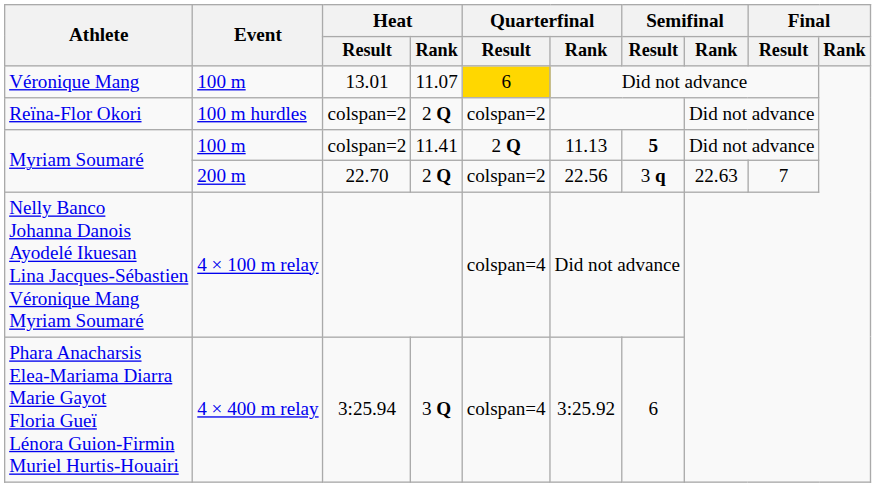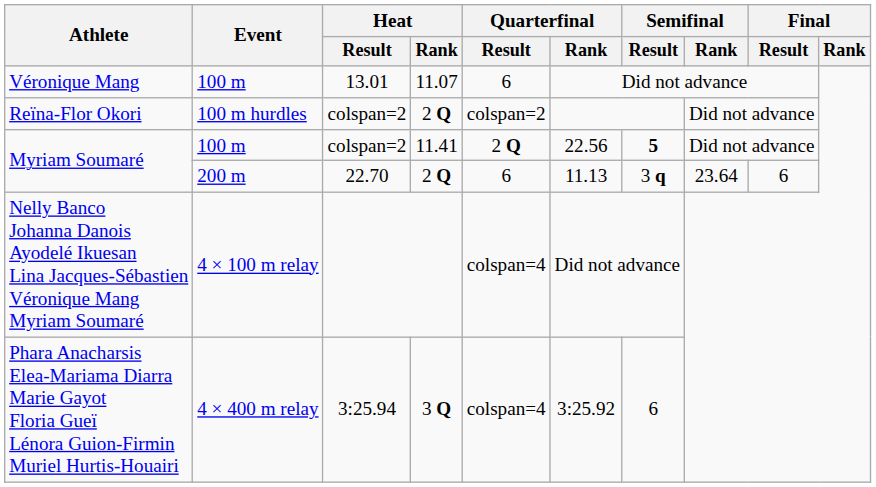 <table class="wikitable" style="font-size:90%">
 <tr>
 <th rowspan="2">Athlete</th>
 <th rowspan="2">Event</th>
 <th colspan="2">Heat</th>
 <th colspan="2">Quarterfinal</th>
 <th colspan="2">Semifinal</th>
 <th colspan="2">Final</th>
 </tr>
 <tr style="font-size:95%">
 <th>Result</th>
 <th>Rank</th>
 <th>Result</th>
 <th>Rank</th>
 <th>Result</th>
 <th>Rank</th>
 <th>Result</th>
 <th>Rank</th>
 </tr>
 <tr align=center>
 <td align=left><a href='#'>Véronique Mang</a></td>
 <td align=left><a href='#'>100 m</a></td>
 <td>13.01</td>
 <td>11.07</td>
-<td style="background: gold;">6</td>
+<td>6</td>
 <td colspan=4>Did not advance</td>
 </tr>
 <tr align=center>
 <td align=left><a href='#'>Reïna-Flor Okori</a></td>
 <td align=left><a href='#'>100 m hurdles</a></td>
 <td>colspan=2 </td>
 <td>2 <strong>Q</strong></td>
 <td>colspan=2 </td>
 <td colspan=2></td>
 <td colspan=2>Did not advance</td>
 </tr>
 <tr align=center>
 <td align=left rowspan=2><a href='#'>Myriam Soumaré</a></td>
 <td align=left><a href='#'>100 m</a></td>
 <td>colspan=2 </td>
 <td>11.41</td>
 <td>2 <strong>Q</strong></td>
-<td>11.13</td>
+<td>22.56</td>
 <td><strong>5</strong></td>
 <td colspan=2>Did not advance</td>
 </tr>
 <tr align=center>
 <td align=left><a href='#'>200 m</a></td>
 <td>22.70</td>
 <td>2 <strong>Q</strong></td>
-<td>colspan=2 </td>
-<td>22.56</td>
+<td>6</td>
+<td>11.13</td>
 <td>3 <strong>q</strong></td>
-<td>22.63</td>
-<td>7</td>
+<td>23.64</td>
+<td>6</td>
 </tr>
 <tr align=center>
 <td align=left><a href='#'>Nelly Banco</a><br><a href='#'>Johanna Danois</a><br><a href='#'>Ayodelé Ikuesan</a><br><a href='#'>Lina Jacques-Sébastien</a><br><a href='#'>Véronique Mang</a><br><a href='#'>Myriam Soumaré</a></td>
 <td align=left><a href='#'>4 × 100 m relay</a></td>
 <td colspan=2></td>
 <td>colspan=4 </td>
 <td colspan=2>Did not advance</td>
 </tr>
 <tr align=center>
 <td align=left><a href='#'>Phara Anacharsis</a><br><a href='#'>Elea-Mariama Diarra</a><br><a href='#'>Marie Gayot</a><br><a href='#'>Floria Gueï</a><br><a href='#'>Lénora Guion-Firmin</a><br><a href='#'>Muriel Hurtis-Houairi</a></td>
 <td align=left><a href='#'>4 × 400 m relay</a></td>
 <td>3:25.94</td>
 <td>3 <strong>Q</strong></td>
 <td>colspan=4 </td>
 <td>3:25.92</td>
 <td>6</td>
 </tr>
 </table>
